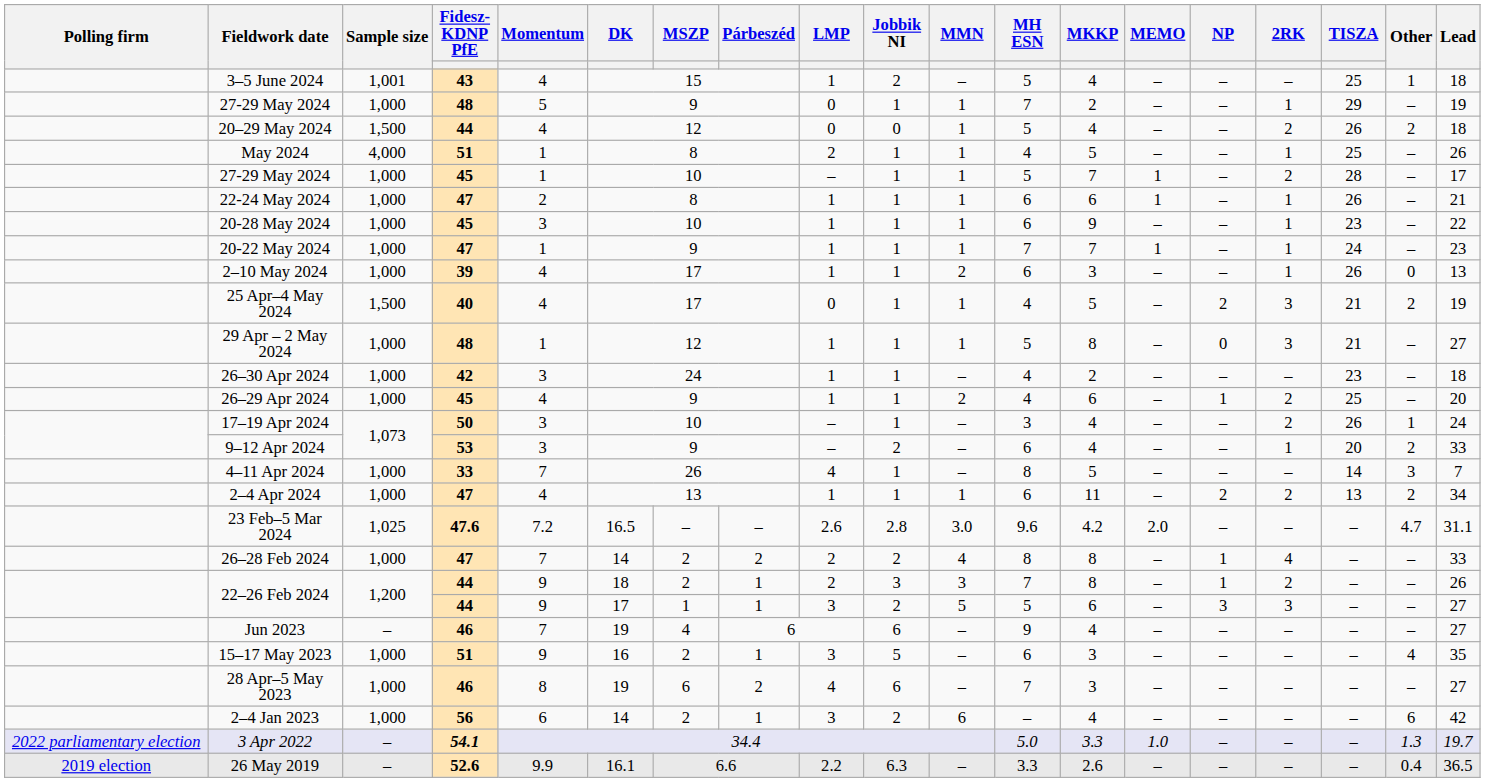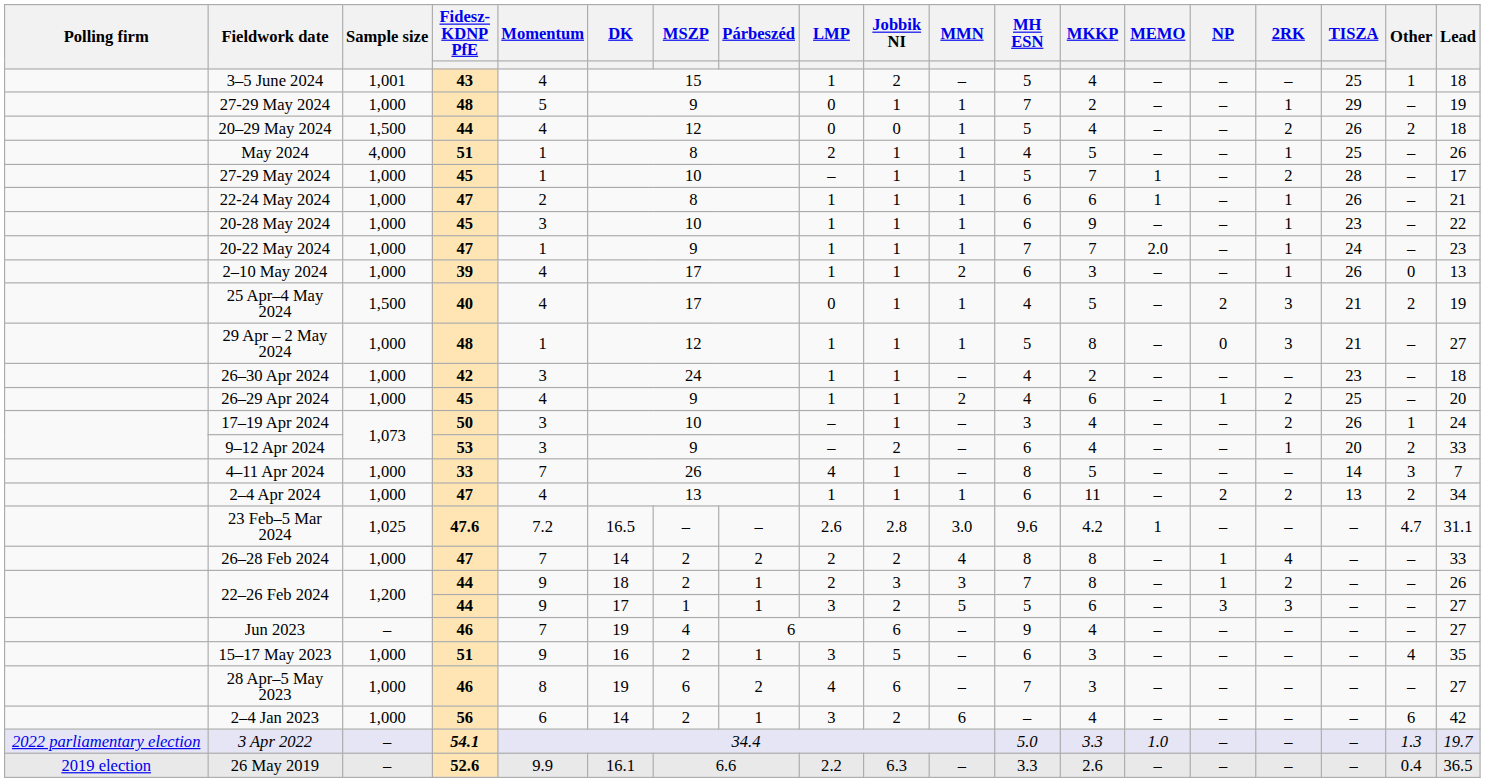 <table class="wikitable sortable" style="text-align:center;font-size:90%;line-height:14px;">
 <tr>
 <th rowspan="2" style="width:170px;">Polling firm</th>
 <th rowspan="2" style="width:110px;">Fieldwork date</th>
 <th rowspan="2">Sample size</th>
 <th class="unsortable" style="width:50px;"><a href='#'>Fidesz-KDNP</a><br><a href='#'>PfE</a></th>
 <th class="unsortable" style="width:50px;"><a href='#'><span>Momentum</span></a><br></th>
 <th class="unsortable" style="width:50px;"><a href='#'><span>DK</span></a><br></th>
 <th class="unsortable" style="width:50px;"><a href='#'><span>MSZP</span></a><br></th>
 <th class="unsortable" style="width:50px;"><a href='#'>Párbeszéd</a><br></th>
 <th class="unsortable" style="width:50px;"><a href='#'><span>LMP</span></a><br></th>
 <th class="unsortable" style="width:50px;"><a href='#'><span>Jobbik</span></a><br>NI</th>
 <th class="unsortable" style="width:50px;"><a href='#'>MMN</a><br></th>
 <th class="unsortable" style="width:50px;"><a href='#'><span>MH</span></a><a href='#'><br>ESN</a></th>
 <th class="unsortable" style="width:50px;"><a href='#'><span>MKKP</span></a><br> </th>
 <th class="unsortable" style="width:50px;"><a href='#'><span>MEMO</span></a><br></th>
 <th class="unsortable" style="width:50px;"><a href='#'>NP</a><br></th>
 <th class="unsortable" style="width:50px;"><a href='#'>2RK</a><br></th>
 <th class="unsortable" style="width:50px;"><a href='#'>TISZA</a><br></th>
 <th rowspan="2">Other</th>
 <th rowspan="2" style="width:30px;">Lead</th>
 </tr>
 <tr>
 <th></th>
 <th></th>
 <th></th>
 <th></th>
 <th></th>
 <th></th>
 <th></th>
 <th></th>
 <th></th>
 <th></th>
 <th></th>
 <th></th>
 <th></th>
 <th></th>
 </tr>
 <tr>
 <td></td>
 <td>3–5 June 2024</td>
 <td>1,001</td>
 <td style="background:#FFE5B4"><strong>43</strong></td>
 <td>4</td>
 <td colspan="3">15</td>
 <td>1</td>
 <td>2</td>
 <td>–</td>
 <td>5</td>
 <td>4</td>
 <td>–</td>
 <td>–</td>
 <td>–</td>
 <td>25</td>
 <td>1</td>
 <td style="background:">18</td>
 </tr>
 <tr>
 <td></td>
 <td>27-29 May 2024</td>
 <td>1,000</td>
 <td style="background:#FFE5B4"><strong>48</strong></td>
 <td>5</td>
 <td colspan="3">9</td>
 <td>0</td>
 <td>1</td>
 <td>1</td>
 <td>7</td>
 <td>2</td>
 <td>–</td>
 <td>–</td>
 <td>1</td>
 <td>29</td>
 <td>–</td>
 <td style="background:">19</td>
 </tr>
 <tr>
 <td></td>
 <td>20–29 May 2024</td>
 <td>1,500</td>
 <td style="background:#FFE5B4"><strong>44</strong></td>
 <td>4</td>
 <td colspan="3">12</td>
 <td>0</td>
 <td>0</td>
 <td>1</td>
 <td>5</td>
 <td>4</td>
 <td>–</td>
 <td>–</td>
 <td>2</td>
 <td>26</td>
 <td>2</td>
 <td style="background:">18</td>
 </tr>
 <tr>
 <td></td>
 <td>May 2024</td>
 <td>4,000</td>
 <td style="background:#FFE5B4"><strong>51</strong></td>
 <td>1</td>
 <td colspan="3">8</td>
 <td>2</td>
 <td>1</td>
 <td>1</td>
 <td>4</td>
 <td>5</td>
 <td>–</td>
 <td>–</td>
 <td>1</td>
 <td>25</td>
 <td>–</td>
 <td style="background:">26</td>
 </tr>
 <tr>
 <td></td>
 <td>27-29 May 2024</td>
 <td>1,000</td>
 <td style="background:#FFE5B4"><strong>45</strong></td>
 <td>1</td>
 <td colspan="3">10</td>
 <td>–</td>
 <td>1</td>
 <td>1</td>
 <td>5</td>
 <td>7</td>
 <td>1</td>
 <td>–</td>
 <td>2</td>
 <td>28</td>
 <td>–</td>
 <td style="background:">17</td>
 </tr>
 <tr>
 <td></td>
 <td>22-24 May 2024</td>
 <td>1,000</td>
 <td style="background:#FFE5B4"><strong>47</strong></td>
 <td>2</td>
 <td colspan="3">8</td>
 <td>1</td>
 <td>1</td>
 <td>1</td>
 <td>6</td>
 <td>6</td>
 <td>1</td>
 <td>–</td>
 <td>1</td>
 <td>26</td>
 <td>–</td>
 <td style="background:">21</td>
 </tr>
 <tr>
 <td></td>
 <td>20-28 May 2024</td>
 <td>1,000</td>
 <td style="background:#FFE5B4"><strong>45</strong></td>
 <td>3</td>
 <td colspan="3">10</td>
 <td>1</td>
 <td>1</td>
 <td>1</td>
 <td>6</td>
 <td>9</td>
 <td>–</td>
 <td>–</td>
 <td>1</td>
 <td>23</td>
 <td>–</td>
 <td style="background:">22</td>
 </tr>
 <tr>
 <td></td>
 <td>20-22 May 2024</td>
 <td>1,000</td>
 <td style="background:#FFE5B4"><strong>47</strong></td>
 <td>1</td>
 <td colspan="3">9</td>
 <td>1</td>
 <td>1</td>
 <td>1</td>
 <td>7</td>
 <td>7</td>
-<td>1</td>
+<td>2.0</td>
 <td>–</td>
 <td>1</td>
 <td>24</td>
 <td>–</td>
 <td style="background:">23</td>
 </tr>
 <tr>
 <td></td>
 <td>2–10 May 2024</td>
 <td>1,000</td>
 <td style="background:#FFE5B4"><strong>39</strong></td>
 <td>4</td>
 <td colspan="3">17</td>
 <td>1</td>
 <td>1</td>
 <td>2</td>
 <td>6</td>
 <td>3</td>
 <td>–</td>
 <td>–</td>
 <td>1</td>
 <td>26</td>
 <td>0</td>
 <td style="background:">13</td>
 </tr>
 <tr>
 <td></td>
 <td>25 Apr–4 May 2024</td>
 <td>1,500</td>
 <td style="background:#FFE5B4"><strong>40</strong></td>
 <td>4</td>
 <td colspan="3">17</td>
 <td>0</td>
 <td>1</td>
 <td>1</td>
 <td>4</td>
 <td>5</td>
 <td>–</td>
 <td>2</td>
 <td>3</td>
 <td>21</td>
 <td>2</td>
 <td style="background:">19</td>
 </tr>
 <tr>
 <td></td>
 <td>29 Apr – 2 May 2024</td>
 <td>1,000</td>
 <td style="background:#FFE5B4"><strong>48</strong></td>
 <td>1</td>
 <td colspan="3">12</td>
 <td>1</td>
 <td>1</td>
 <td>1</td>
 <td>5</td>
 <td>8</td>
 <td>–</td>
 <td>0</td>
 <td>3</td>
 <td>21</td>
 <td>–</td>
 <td style="background:">27</td>
 </tr>
 <tr>
 <td></td>
 <td data-sort-value="2024-04-30">26–30 Apr 2024</td>
 <td>1,000</td>
 <td style="background:#FFE5B4"><strong>42</strong></td>
 <td>3</td>
 <td colspan="3">24</td>
 <td>1</td>
 <td>1</td>
 <td>–</td>
 <td>4</td>
 <td>2</td>
 <td>–</td>
 <td>–</td>
 <td>–</td>
 <td>23</td>
 <td>–</td>
 <td style="background:">18</td>
 </tr>
 <tr>
 <td></td>
 <td data-sort-value="2024-04-29">26–29 Apr 2024</td>
 <td>1,000</td>
 <td style="background:#FFE5B4"><strong>45</strong></td>
 <td>4</td>
 <td colspan=3>9</td>
 <td>1</td>
 <td>1</td>
 <td>2</td>
 <td>4</td>
 <td>6</td>
 <td>–</td>
 <td>1</td>
 <td>2</td>
 <td>25</td>
 <td>–</td>
 <td style="background:">20</td>
 </tr>
 <tr>
 <td rowspan="2"></td>
 <td data-sort-value="2024-04-19">17–19 Apr 2024</td>
 <td rowspan="2">1,073</td>
 <td style="background:#FFE5B4"><strong>50</strong></td>
 <td>3</td>
 <td colspan=3>10</td>
 <td>–</td>
 <td>1</td>
 <td>–</td>
 <td>3</td>
 <td>4</td>
 <td>–</td>
 <td>–</td>
 <td>2</td>
 <td>26</td>
 <td>1</td>
 <td style="background:">24</td>
 </tr>
 <tr>
 <td data-sort-value="2024-04-12">9–12 Apr 2024</td>
 <td style="background:#FFE5B4"><strong>53</strong></td>
 <td>3</td>
 <td colspan=3>9</td>
 <td>–</td>
 <td>2</td>
 <td>–</td>
 <td>6</td>
 <td>4</td>
 <td>–</td>
 <td>–</td>
 <td>1</td>
 <td>20</td>
 <td>2</td>
 <td style="background:">33</td>
 </tr>
 <tr>
 <td></td>
 <td data-sort-value="2024-04-11">4–11 Apr 2024</td>
 <td>1,000</td>
 <td style="background:#FFE5B4"><strong>33</strong></td>
 <td>7</td>
 <td colspan="3">26</td>
 <td>4</td>
 <td>1</td>
 <td>–</td>
 <td>8</td>
 <td>5</td>
 <td>–</td>
 <td>–</td>
 <td>–</td>
 <td>14</td>
 <td>3</td>
 <td style="background:">7</td>
 </tr>
 <tr>
 <td></td>
 <td data-sort-value="2024-04-04">2–4 Apr 2024</td>
 <td>1,000</td>
 <td style="background:#FFE5B4"><strong>47</strong></td>
 <td>4</td>
 <td colspan="3">13</td>
 <td>1</td>
 <td>1</td>
 <td>1</td>
 <td>6</td>
 <td>11</td>
 <td>–</td>
 <td>2</td>
 <td>2</td>
 <td>13</td>
 <td>2</td>
 <td style="background:">34</td>
 </tr>
 <tr>
 <td></td>
 <td data-sort-value="2024-03-05">23 Feb–5 Mar 2024</td>
 <td>1,025</td>
 <td style="background:#FFE5B4"><strong>47.6</strong></td>
 <td>7.2</td>
 <td>16.5</td>
 <td>–</td>
 <td>–</td>
 <td>2.6</td>
 <td>2.8</td>
 <td>3.0</td>
 <td>9.6</td>
 <td>4.2</td>
-<td>2.0</td>
+<td>1</td>
 <td>–</td>
 <td>–</td>
 <td>–</td>
 <td>4.7</td>
 <td style="background:">31.1</td>
 </tr>
 <tr>
 <td></td>
 <td data-sort-value="2024-02-28">26–28 Feb 2024</td>
 <td>1,000</td>
 <td style="background:#FFE5B4"><strong>47</strong></td>
 <td>7</td>
 <td>14</td>
 <td>2</td>
 <td>2</td>
 <td>2</td>
 <td>2</td>
 <td>4</td>
 <td>8</td>
 <td>8</td>
 <td>–</td>
 <td>1<br></td>
 <td>4<br></td>
 <td>–</td>
 <td>–</td>
 <td style="background:">33</td>
 </tr>
 <tr>
 <td rowspan=2></td>
 <td rowspan=2 data-sort-value="2024-02-26">22–26 Feb 2024</td>
 <td rowspan=2>1,200</td>
 <td style="background:#FFE5B4"><strong>44</strong></td>
 <td>9</td>
 <td>18</td>
 <td>2</td>
 <td>1</td>
 <td>2</td>
 <td>3</td>
 <td>3</td>
 <td>7</td>
 <td>8</td>
 <td>–</td>
 <td>1</td>
 <td>2</td>
 <td>–</td>
 <td>–</td>
 <td style="background:">26</td>
 </tr>
 <tr>
 <td style="background:#FFE5B4"><strong>44</strong></td>
 <td>9</td>
 <td>17</td>
 <td>1</td>
 <td>1</td>
 <td>3</td>
 <td>2</td>
 <td>5</td>
 <td>5</td>
 <td>6</td>
 <td>–</td>
 <td>3</td>
 <td>3</td>
 <td>–</td>
 <td>–</td>
 <td style="background:">27</td>
 </tr>
 <tr>
 <td></td>
 <td data-sort-value="2023-06-09">Jun 2023</td>
 <td>–</td>
 <td style="background:#FFE5B4"><strong>46</strong></td>
 <td>7</td>
 <td>19</td>
 <td>4</td>
 <td colspan="2">6</td>
 <td>6</td>
 <td>–</td>
 <td>9</td>
 <td>4</td>
 <td>–</td>
 <td>–</td>
 <td>–</td>
 <td>–</td>
 <td>–</td>
 <td style="background:">27</td>
 </tr>
 <tr>
 <td></td>
 <td data-sort-value="2023-05-17">15–17 May 2023</td>
 <td>1,000</td>
 <td style="background:#FFE5B4"><strong>51</strong></td>
 <td>9</td>
 <td>16</td>
 <td>2</td>
 <td>1</td>
 <td>3</td>
 <td>5</td>
 <td>–</td>
 <td>6</td>
 <td>3</td>
 <td>–</td>
 <td>–</td>
 <td>–</td>
 <td>–</td>
 <td>4</td>
 <td style="background:">35</td>
 </tr>
 <tr>
 <td></td>
 <td data-sort-value="2023-05-05">28 Apr–5 May 2023</td>
 <td>1,000</td>
 <td style="background:#FFE5B4"><strong>46</strong></td>
 <td>8</td>
 <td>19</td>
 <td>6</td>
 <td>2</td>
 <td>4</td>
 <td>6</td>
 <td>–</td>
 <td>7</td>
 <td>3</td>
 <td>–</td>
 <td>–</td>
 <td>–</td>
 <td>–</td>
 <td>–</td>
 <td style="background:">27</td>
 </tr>
 <tr>
 <td></td>
 <td data-sort-value="2023-01-04">2–4 Jan 2023</td>
 <td>1,000</td>
 <td style="background:#FFE5B4"><strong>56</strong></td>
 <td>6</td>
 <td>14</td>
 <td>2</td>
 <td>1</td>
 <td>3</td>
 <td>2</td>
 <td>6</td>
 <td>–</td>
 <td>4</td>
 <td>–</td>
 <td>–</td>
 <td>–</td>
 <td>–</td>
 <td>6</td>
 <td style="background:">42</td>
 </tr>
 <tr style="background:#E5E5F5;font-style:italic;">
 <td><a href='#'>2022 parliamentary election</a></td>
 <td data-sort-value="2022-04-03">3 Apr 2022</td>
 <td>–</td>
 <td style="background:#FFE5B4;"><strong>54.1</strong></td>
 <td colspan="7">34.4</td>
 <td>5.0</td>
 <td>3.3</td>
 <td>1.0</td>
 <td>–</td>
 <td>–</td>
 <td>–</td>
 <td>1.3</td>
 <td style="background:">19.7</td>
 </tr>
 <tr style="background:#E9E9E9;">
 <td><a href='#'>2019 election</a></td>
 <td data-sort-value="2019-05-26">26 May 2019</td>
 <td>–</td>
 <td style="background:#FFE5B4;"><strong>52.6</strong></td>
 <td>9.9</td>
 <td>16.1</td>
 <td colspan="2">6.6</td>
 <td>2.2</td>
 <td>6.3</td>
 <td>–</td>
 <td>3.3</td>
 <td>2.6</td>
 <td>–</td>
 <td>–</td>
 <td>–</td>
 <td>–</td>
 <td>0.4</td>
 <td style="background:">36.5</td>
 </tr>
 </table>
